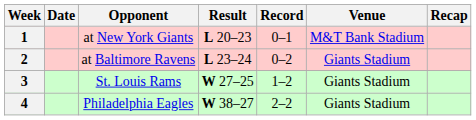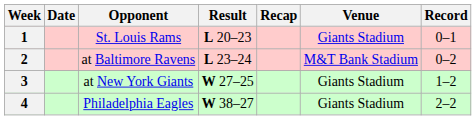 <table class="wikitable" style="text-align:center">
 <tr>
 <th>Week</th>
 <th>Date</th>
 <th>Opponent</th>
 <th>Result</th>
+<th>Recap</th>
+<th>Venue</th>
 <th>Record</th>
-<th>Venue</th>
-<th>Recap</th>
 </tr>
 <tr style="background:#fcc">
 <th>1</th>
 <td></td>
-<td>at <a href='#'>New York Giants</a></td>
+<td><a href='#'>St. Louis Rams</a></td>
 <td><strong>L</strong> 20–23</td>
+<td></td>
+<td><a href='#'>Giants Stadium</a></td>
 <td>0–1</td>
-<td><a href='#'>M&T Bank Stadium</a></td>
-<td></td>
 </tr>
 <tr style="background:#fcc">
 <th>2</th>
 <td></td>
 <td>at <a href='#'>Baltimore Ravens</a></td>
 <td><strong>L</strong> 23–24</td>
+<td></td>
+<td><a href='#'>M&T Bank Stadium</a></td>
 <td>0–2</td>
-<td><a href='#'>Giants Stadium</a></td>
-<td></td>
 </tr>
 <tr style="background:#cfc">
 <th>3</th>
 <td></td>
-<td><a href='#'>St. Louis Rams</a></td>
+<td>at <a href='#'>New York Giants</a></td>
 <td><strong>W</strong> 27–25</td>
+<td></td>
+<td>Giants Stadium</td>
 <td>1–2</td>
-<td>Giants Stadium</td>
-<td></td>
 </tr>
 <tr style="background:#cfc">
 <th>4</th>
 <td></td>
 <td><a href='#'>Philadelphia Eagles</a></td>
 <td><strong>W</strong> 38–27</td>
+<td></td>
+<td>Giants Stadium</td>
 <td>2–2</td>
-<td>Giants Stadium</td>
-<td></td>
 </tr>
 </table>
